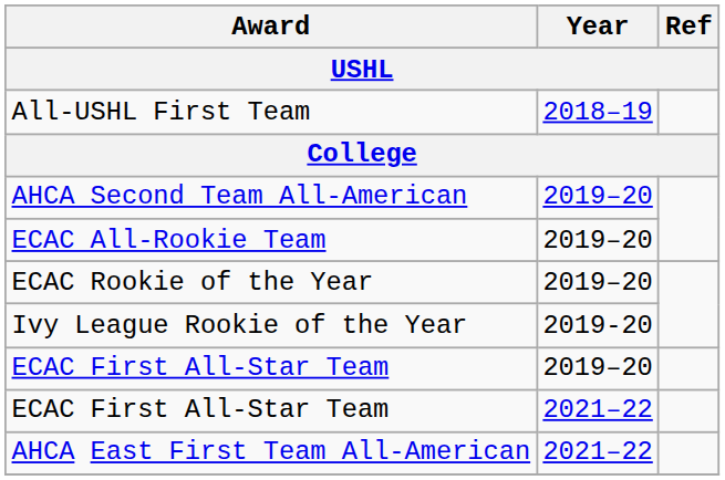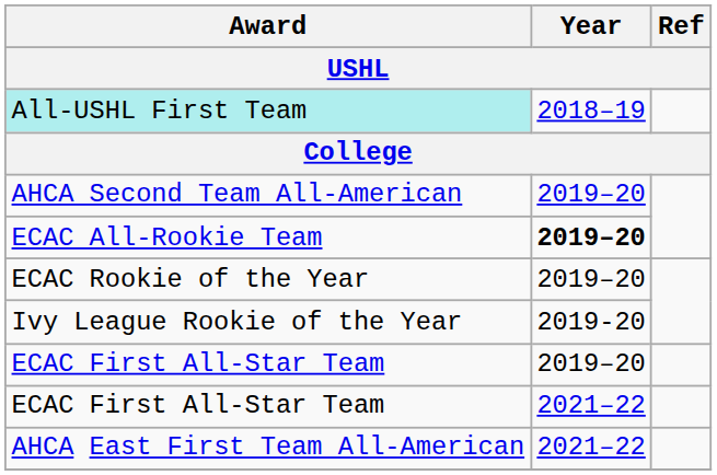 <table class="wikitable">
 <tr>
 <th>Award</th>
 <th>Year</th>
 <th>Ref</th>
 </tr>
 <tr>
 <th colspan="3"><a href='#'>USHL</a></th>
 </tr>
 <tr>
-<td>All-USHL First Team</td>
+<td style="background: paleturquoise;">All-USHL First Team</td>
 <td><a href='#'>2018–19</a></td>
 <td></td>
 </tr>
 <tr>
 <th colspan="3"><a href='#'>College</a></th>
 </tr>
 <tr>
 <td><a href='#'>AHCA Second Team All-American</a></td>
 <td><a href='#'>2019–20</a></td>
 <td rowspan="2"></td>
 </tr>
 <tr>
 <td><a href='#'>ECAC All-Rookie Team</a></td>
-<td>2019–20</td>
+<td><strong>2019–20</strong></td>
 </tr>
 <tr>
 <td>ECAC Rookie of the Year</td>
 <td>2019–20</td>
 <td rowspan="2"></td>
 </tr>
 <tr>
 <td>Ivy League Rookie of the Year</td>
 <td>2019-20</td>
 </tr>
 <tr>
 <td><a href='#'>ECAC First All-Star Team</a></td>
 <td>2019–20</td>
 <td></td>
 </tr>
 <tr>
 <td>ECAC First All-Star Team</td>
 <td><a href='#'>2021–22</a></td>
 <td></td>
 </tr>
 <tr>
 <td><a href='#'>AHCA</a> <a href='#'>East First Team All-American</a></td>
 <td><a href='#'>2021–22</a></td>
 <td></td>
 </tr>
 <tr>
 </tr>
 </table>
